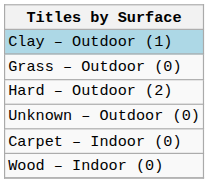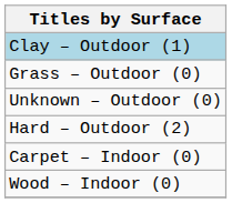 <table class="wikitable" style="display:inline-table;">
 <tr>
 <th>Titles by Surface</th>
 </tr>
 <tr>
 <td style="background: lightblue;">Clay – Outdoor (1)</td>
 </tr>
 <tr>
 <td>Grass – Outdoor (0)</td>
 </tr>
 <tr>
-<td>Hard – Outdoor (2)</td>
+<td>Unknown – Outdoor (0)</td>
 </tr>
 <tr>
-<td>Unknown – Outdoor (0)</td>
+<td>Hard – Outdoor (2)</td>
 </tr>
 <tr>
 <td>Carpet – Indoor (0)</td>
 </tr>
 <tr>
 <td>Wood – Indoor (0)</td>
 </tr>
 <tr>
 </tr>
 </table>
